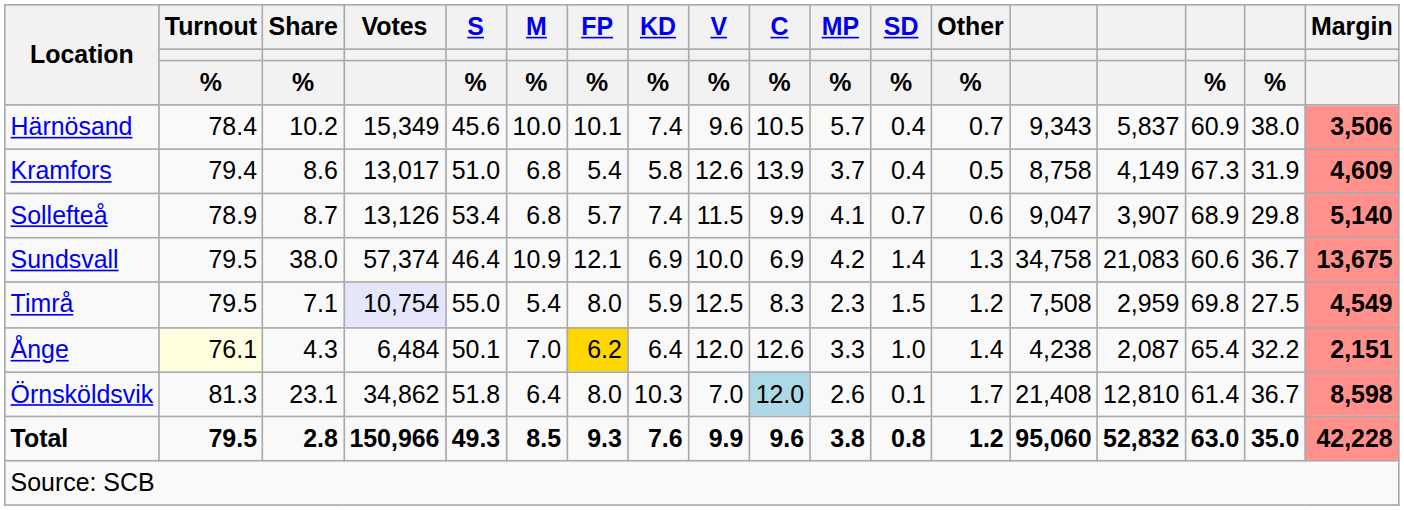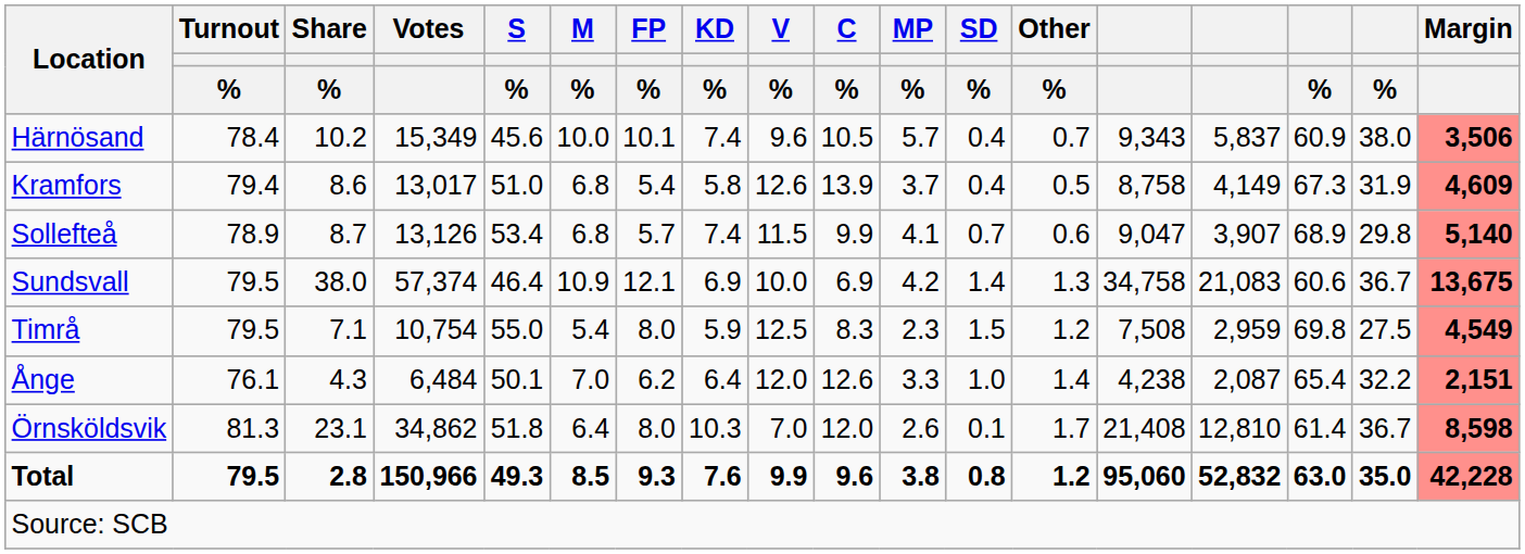 <table class="wikitable sortable" style="text-align:right; font-size:95%; line-height:20px;">
 <tr>
 <th rowspan="3">Location</th>
 <th>Turnout</th>
 <th>Share</th>
 <th>Votes</th>
 <th width="30px" class="unsortable"><a href='#'>S</a></th>
 <th width="30px" class="unsortable"><a href='#'>M</a></th>
 <th width="30px" class="unsortable"><a href='#'>FP</a></th>
 <th width="30px" class="unsortable"><a href='#'>KD</a></th>
 <th width="30px" class="unsortable"><a href='#'>V</a></th>
 <th width="30px" class="unsortable"><a href='#'>C</a></th>
 <th width="30px" class="unsortable"><a href='#'>MP</a></th>
 <th width="30px" class="unsortable"><a href='#'>SD</a></th>
 <th width="30px" class="unsortable">Other</th>
 <th></th>
 <th></th>
 <th></th>
 <th></th>
 <th>Margin</th>
 </tr>
 <tr>
 <th></th>
 <th></th>
 <th></th>
 <th style="background:"></th>
 <th style="background:"></th>
 <th style="background:"></th>
 <th style="background:"></th>
 <th style="background:"></th>
 <th style="background:"></th>
 <th style="background:"></th>
 <th style="background:"></th>
 <th style="background:"></th>
 <th style="background:"></th>
 <th style="background:"></th>
 <th style="background:"></th>
 <th style="background:"></th>
 <th></th>
 </tr>
 <tr>
 <th data-sort-type="number">%</th>
 <th data-sort-type="number">%</th>
 <th></th>
 <th data-sort-type="number">%</th>
 <th data-sort-type="number">%</th>
 <th data-sort-type="number">%</th>
 <th data-sort-type="number">%</th>
 <th data-sort-type="number">%</th>
 <th data-sort-type="number">%</th>
 <th data-sort-type="number">%</th>
 <th data-sort-type="number">%</th>
 <th data-sort-type="number">%</th>
 <th data-sort-type="number"></th>
 <th data-sort-type="number"></th>
 <th data-sort-type="number">%</th>
 <th data-sort-type="number">%</th>
 <th data-sort-type="number"></th>
 </tr>
 <tr>
 <td align=left><a href='#'>Härnösand</a></td>
 <td>78.4</td>
 <td>10.2</td>
 <td>15,349</td>
 <td>45.6</td>
 <td>10.0</td>
 <td>10.1</td>
 <td>7.4</td>
 <td>9.6</td>
 <td>10.5</td>
 <td>5.7</td>
 <td>0.4</td>
 <td>0.7</td>
 <td>9,343</td>
 <td>5,837</td>
 <td>60.9</td>
 <td>38.0</td>
 <td bgcolor=#ff908c><strong>3,506</strong></td>
 </tr>
 <tr>
 <td align=left><a href='#'>Kramfors</a></td>
 <td>79.4</td>
 <td>8.6</td>
 <td>13,017</td>
 <td>51.0</td>
 <td>6.8</td>
 <td>5.4</td>
 <td>5.8</td>
 <td>12.6</td>
 <td>13.9</td>
 <td>3.7</td>
 <td>0.4</td>
 <td>0.5</td>
 <td>8,758</td>
 <td>4,149</td>
 <td>67.3</td>
 <td>31.9</td>
 <td bgcolor=#ff908c><strong>4,609</strong></td>
 </tr>
 <tr>
 <td align=left><a href='#'>Sollefteå</a></td>
 <td>78.9</td>
 <td>8.7</td>
 <td>13,126</td>
 <td>53.4</td>
 <td>6.8</td>
 <td>5.7</td>
 <td>7.4</td>
 <td>11.5</td>
 <td>9.9</td>
 <td>4.1</td>
 <td>0.7</td>
 <td>0.6</td>
 <td>9,047</td>
 <td>3,907</td>
 <td>68.9</td>
 <td>29.8</td>
 <td bgcolor=#ff908c><strong>5,140</strong></td>
 </tr>
 <tr>
 <td align=left><a href='#'>Sundsvall</a></td>
 <td>79.5</td>
 <td>38.0</td>
 <td>57,374</td>
 <td>46.4</td>
 <td>10.9</td>
 <td>12.1</td>
 <td>6.9</td>
 <td>10.0</td>
 <td>6.9</td>
 <td>4.2</td>
 <td>1.4</td>
 <td>1.3</td>
 <td>34,758</td>
 <td>21,083</td>
 <td>60.6</td>
 <td>36.7</td>
 <td bgcolor=#ff908c><strong>13,675</strong></td>
 </tr>
 <tr>
 <td align=left><a href='#'>Timrå</a></td>
 <td>79.5</td>
 <td>7.1</td>
-<td style="background: lavender;">10,754</td>
+<td>10,754</td>
 <td>55.0</td>
 <td>5.4</td>
 <td>8.0</td>
 <td>5.9</td>
 <td>12.5</td>
 <td>8.3</td>
 <td>2.3</td>
 <td>1.5</td>
 <td>1.2</td>
 <td>7,508</td>
 <td>2,959</td>
 <td>69.8</td>
 <td>27.5</td>
 <td bgcolor=#ff908c><strong>4,549</strong></td>
 </tr>
 <tr>
 <td align=left><a href='#'>Ånge</a></td>
-<td style="background: lightyellow;">76.1</td>
+<td>76.1</td>
 <td>4.3</td>
 <td>6,484</td>
 <td>50.1</td>
 <td>7.0</td>
-<td style="background: gold;">6.2</td>
+<td>6.2</td>
 <td>6.4</td>
 <td>12.0</td>
 <td>12.6</td>
 <td>3.3</td>
 <td>1.0</td>
 <td>1.4</td>
 <td>4,238</td>
 <td>2,087</td>
 <td>65.4</td>
 <td>32.2</td>
 <td bgcolor=#ff908c><strong>2,151</strong></td>
 </tr>
 <tr>
 <td align=left><a href='#'>Örnsköldsvik</a></td>
 <td>81.3</td>
 <td>23.1</td>
 <td>34,862</td>
 <td>51.8</td>
 <td>6.4</td>
 <td>8.0</td>
 <td>10.3</td>
 <td>7.0</td>
-<td style="background: lightblue;">12.0</td>
+<td>12.0</td>
 <td>2.6</td>
 <td>0.1</td>
 <td>1.7</td>
 <td>21,408</td>
 <td>12,810</td>
 <td>61.4</td>
 <td>36.7</td>
 <td bgcolor=#ff908c><strong>8,598</strong></td>
 </tr>
 <tr>
 <td align=left><strong>Total</strong></td>
 <td><strong>79.5</strong></td>
 <td><strong>2.8</strong></td>
 <td><strong>150,966</strong></td>
 <td><strong>49.3</strong></td>
 <td><strong>8.5</strong></td>
 <td><strong>9.3</strong></td>
 <td><strong>7.6</strong></td>
 <td><strong>9.9</strong></td>
 <td><strong>9.6</strong></td>
 <td><strong>3.8</strong></td>
 <td><strong>0.8</strong></td>
 <td><strong>1.2</strong></td>
 <td><strong>95,060</strong></td>
 <td><strong>52,832</strong></td>
 <td><strong>63.0</strong></td>
 <td><strong>35.0</strong></td>
 <td bgcolor=#ff908c><strong>42,228</strong></td>
 </tr>
 <tr>
 <td align=left colspan=18>Source: SCB </td>
 </tr>
 </table>
